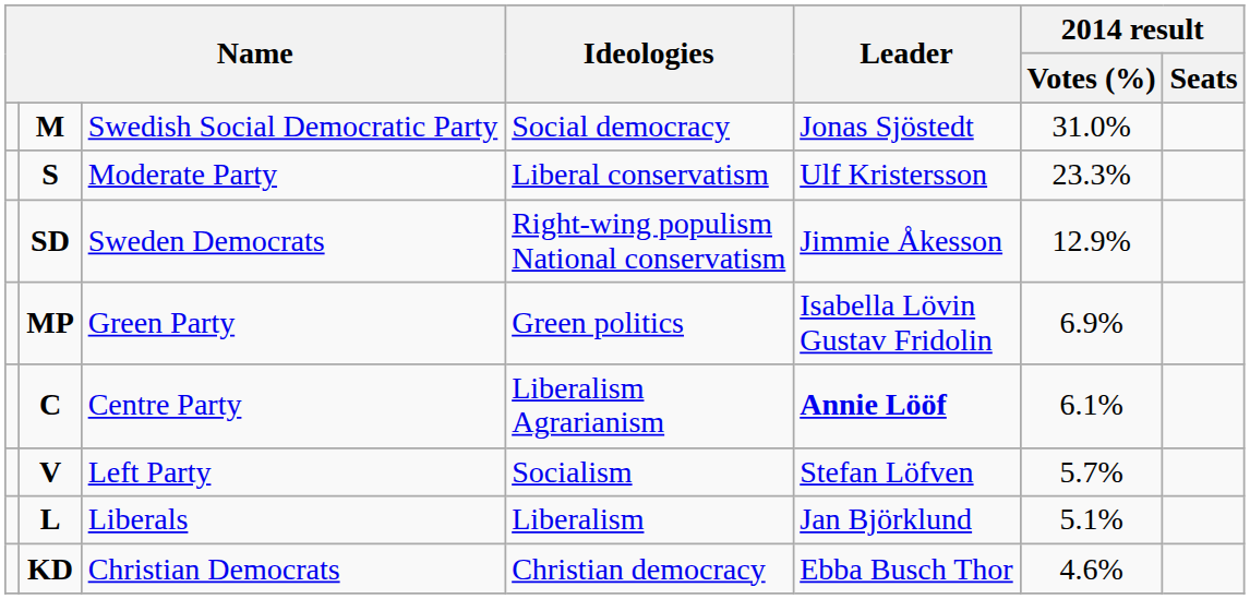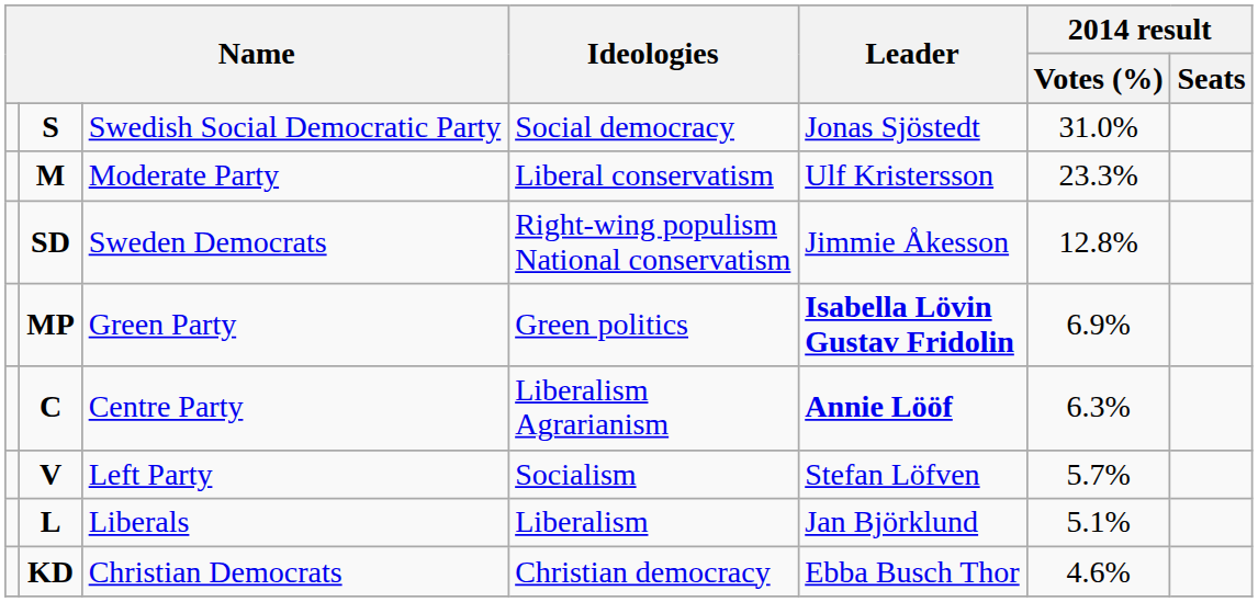 <table class="wikitable">
 <tr>
 <th rowspan="2" colspan="3">Name</th>
 <th rowspan="2">Ideologies</th>
 <th rowspan="2">Leader</th>
 <th colspan="2">2014 result</th>
 </tr>
 <tr>
 <th>Votes (%)</th>
 <th>Seats</th>
 </tr>
 <tr>
 <td style="background:"></td>
-<td style="text-align:center;"><strong>M</strong></td>
+<td style="text-align:center;"><strong>S</strong></td>
 <td><a href='#'>Swedish Social Democratic Party</a><br></td>
 <td><a href='#'>Social democracy</a></td>
 <td><a href='#'>Jonas Sjöstedt</a></td>
 <td style="text-align:center;">31.0%</td>
 <td></td>
 </tr>
 <tr>
 <td style="background:"></td>
-<td style="text-align:center;"><strong>S</strong></td>
+<td style="text-align:center;"><strong>M</strong></td>
 <td><a href='#'>Moderate Party</a><br></td>
 <td><a href='#'>Liberal conservatism</a></td>
 <td><a href='#'>Ulf Kristersson</a></td>
 <td style="text-align:center;">23.3%</td>
 <td></td>
 </tr>
 <tr>
 <td style="background:"></td>
 <td style="text-align:center;"><strong>SD</strong></td>
 <td><a href='#'>Sweden Democrats</a><br></td>
 <td><a href='#'>Right-wing populism</a><br><a href='#'>National conservatism</a></td>
 <td><a href='#'>Jimmie Åkesson</a></td>
-<td style="text-align:center;">12.9%</td>
+<td style="text-align:center;">12.8%</td>
 <td></td>
 </tr>
 <tr>
 <td style="background:"></td>
 <td style="text-align:center;"><strong>MP</strong></td>
 <td><a href='#'>Green Party</a><br></td>
 <td><a href='#'>Green politics</a></td>
-<td><a href='#'>Isabella Lövin</a><br><a href='#'>Gustav Fridolin</a></td>
+<td><strong><a href='#'>Isabella Lövin</a><br><a href='#'>Gustav Fridolin</a></strong></td>
 <td style="text-align:center;">6.9%</td>
 <td></td>
 </tr>
 <tr>
 <td style="background:"></td>
 <td style="text-align:center;"><strong>C</strong></td>
 <td><a href='#'>Centre Party</a><br></td>
 <td><a href='#'>Liberalism</a><br><a href='#'>Agrarianism</a></td>
 <td><strong><a href='#'>Annie Lööf</a></strong></td>
-<td style="text-align:center;">6.1%</td>
+<td style="text-align:center;">6.3%</td>
 <td></td>
 </tr>
 <tr>
 <td style="background:"></td>
 <td style="text-align:center;"><strong>V</strong></td>
 <td><a href='#'>Left Party</a><br></td>
 <td><a href='#'>Socialism</a></td>
 <td><a href='#'>Stefan Löfven</a></td>
 <td style="text-align:center;">5.7%</td>
 <td></td>
 </tr>
 <tr>
 <td style="background:"></td>
 <td style="text-align:center;"><strong>L</strong></td>
 <td><a href='#'>Liberals</a><br></td>
 <td><a href='#'>Liberalism</a></td>
 <td><a href='#'>Jan Björklund</a></td>
 <td style="text-align:center;">5.1%</td>
 <td></td>
 </tr>
 <tr>
 <td style="background:"></td>
 <td style="text-align:center;"><strong>KD</strong></td>
 <td><a href='#'>Christian Democrats</a><br></td>
 <td><a href='#'>Christian democracy</a></td>
 <td><a href='#'>Ebba Busch Thor</a></td>
 <td style="text-align:center;">4.6%</td>
 <td></td>
 </tr>
 </table>
